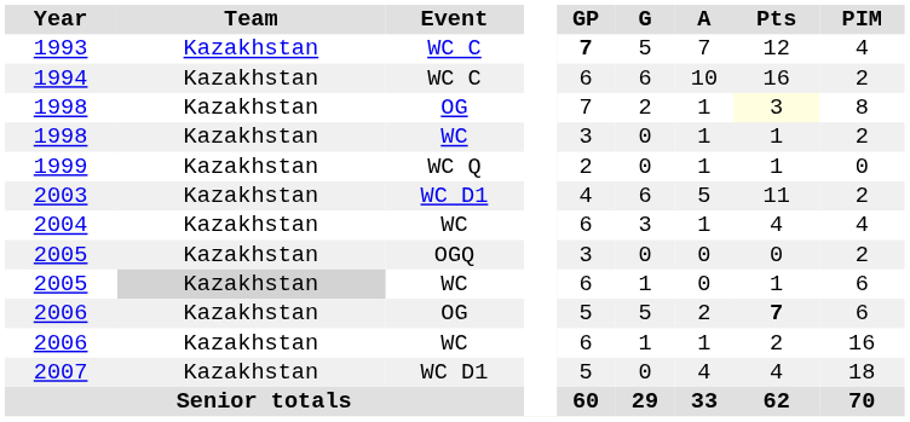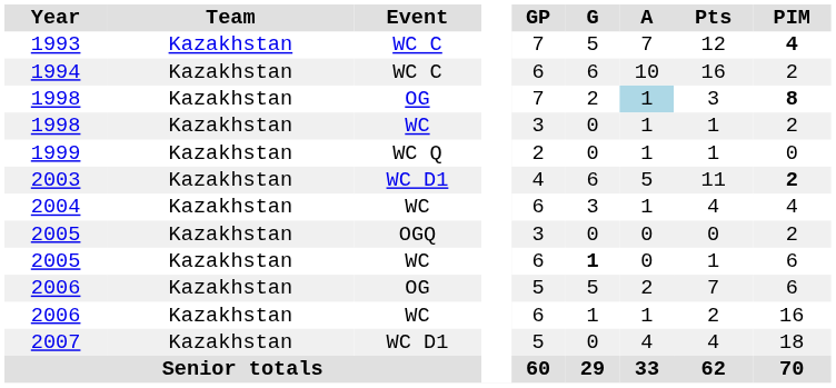 <table border="0" cellpadding="1" cellspacing="0" style="text-align:center; width:40em">
 <tr ALIGN="center" bgcolor="#e0e0e0">
 <th>Year</th>
 <th>Team</th>
 <th>Event</th>
 <th rowspan="99" bgcolor="#ffffff"> </th>
 <th>GP</th>
 <th>G</th>
 <th>A</th>
 <th>Pts</th>
 <th>PIM</th>
 </tr>
 <tr>
 <td><a href='#'>1993</a></td>
 <td><a href='#'>Kazakhstan</a></td>
 <td><a href='#'>WC C</a></td>
-<td><strong>7</strong></td>
+<td>7</td>
 <td>5</td>
 <td>7</td>
 <td>12</td>
-<td>4</td>
+<td><strong>4</strong></td>
 </tr>
 <tr bgcolor="#f0f0f0">
 <td><a href='#'>1994</a></td>
 <td>Kazakhstan</td>
 <td>WC C</td>
 <td>6</td>
 <td>6</td>
 <td>10</td>
 <td>16</td>
 <td>2</td>
 </tr>
 <tr>
 <td><a href='#'>1998</a></td>
 <td>Kazakhstan</td>
 <td><a href='#'>OG</a></td>
 <td>7</td>
 <td>2</td>
-<td>1</td>
-<td style="background: lightyellow;">3</td>
-<td>8</td>
+<td style="background: lightblue;">1</td>
+<td>3</td>
+<td><strong>8</strong></td>
 </tr>
 <tr bgcolor="#f0f0f0">
 <td><a href='#'>1998</a></td>
 <td>Kazakhstan</td>
 <td><a href='#'>WC</a></td>
 <td>3</td>
 <td>0</td>
 <td>1</td>
 <td>1</td>
 <td>2</td>
 </tr>
 <tr>
 <td><a href='#'>1999</a></td>
 <td>Kazakhstan</td>
 <td>WC Q</td>
 <td>2</td>
 <td>0</td>
 <td>1</td>
 <td>1</td>
 <td>0</td>
 </tr>
 <tr bgcolor="#f0f0f0">
 <td><a href='#'>2003</a></td>
 <td>Kazakhstan</td>
 <td><a href='#'>WC D1</a></td>
 <td>4</td>
 <td>6</td>
 <td>5</td>
 <td>11</td>
-<td>2</td>
+<td><strong>2</strong></td>
 </tr>
 <tr>
 <td><a href='#'>2004</a></td>
 <td>Kazakhstan</td>
 <td>WC</td>
 <td>6</td>
 <td>3</td>
 <td>1</td>
 <td>4</td>
 <td>4</td>
 </tr>
 <tr bgcolor="#f0f0f0">
 <td><a href='#'>2005</a></td>
 <td>Kazakhstan</td>
 <td>OGQ</td>
 <td>3</td>
 <td>0</td>
 <td>0</td>
 <td>0</td>
 <td>2</td>
 </tr>
 <tr>
 <td><a href='#'>2005</a></td>
-<td style="background: lightgrey;">Kazakhstan</td>
+<td>Kazakhstan</td>
 <td>WC</td>
 <td>6</td>
-<td>1</td>
+<td><strong>1</strong></td>
 <td>0</td>
 <td>1</td>
 <td>6</td>
 </tr>
 <tr bgcolor="#f0f0f0">
 <td><a href='#'>2006</a></td>
 <td>Kazakhstan</td>
 <td>OG</td>
 <td>5</td>
 <td>5</td>
 <td>2</td>
-<td><strong>7</strong></td>
+<td>7</td>
 <td>6</td>
 </tr>
 <tr>
 <td><a href='#'>2006</a></td>
 <td>Kazakhstan</td>
 <td>WC</td>
 <td>6</td>
 <td>1</td>
 <td>1</td>
 <td>2</td>
 <td>16</td>
 </tr>
 <tr bgcolor="#f0f0f0">
 <td><a href='#'>2007</a></td>
 <td>Kazakhstan</td>
 <td>WC D1</td>
 <td>5</td>
 <td>0</td>
 <td>4</td>
 <td>4</td>
 <td>18</td>
 </tr>
 <tr bgcolor="#e0e0e0">
 <th colspan=3>Senior totals</th>
 <th>60</th>
 <th>29</th>
 <th>33</th>
 <th>62</th>
 <th>70</th>
 </tr>
 </table>
